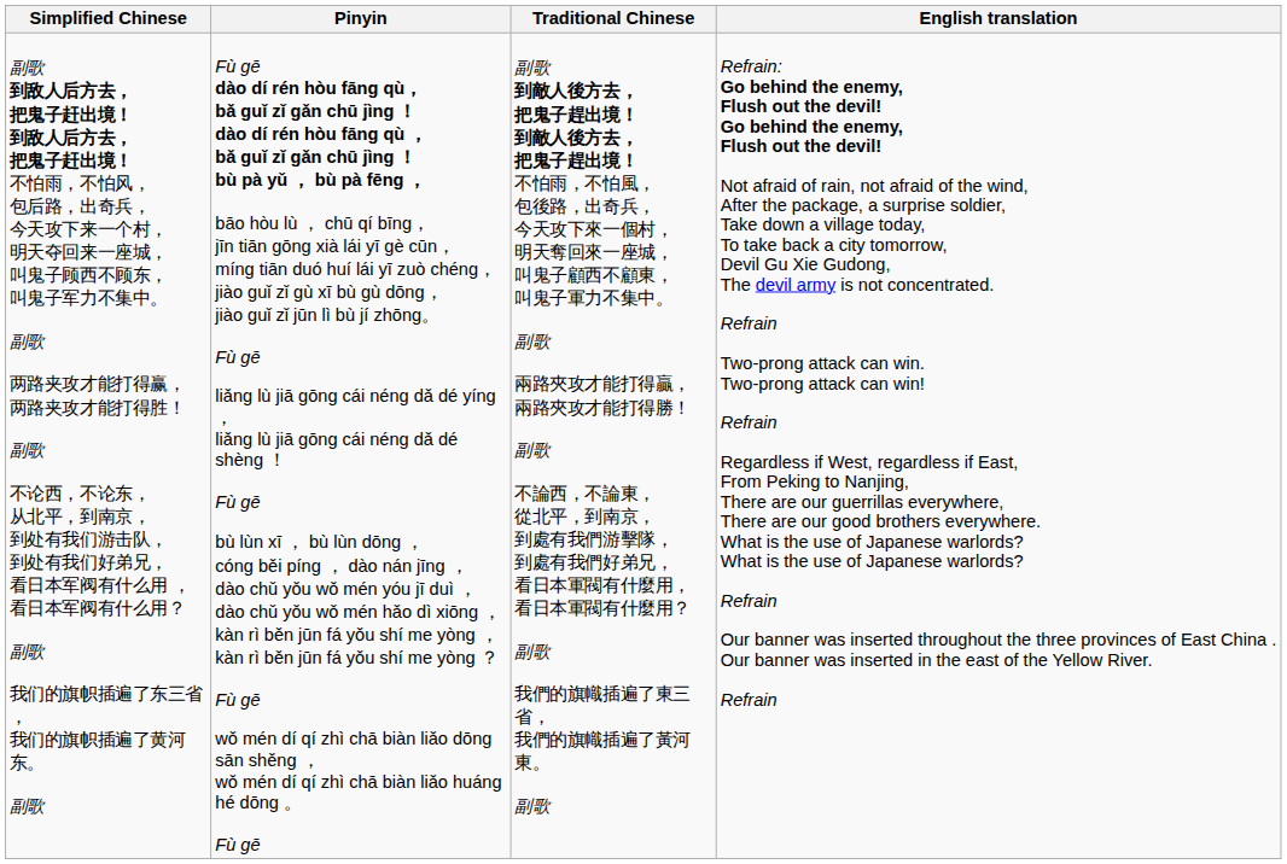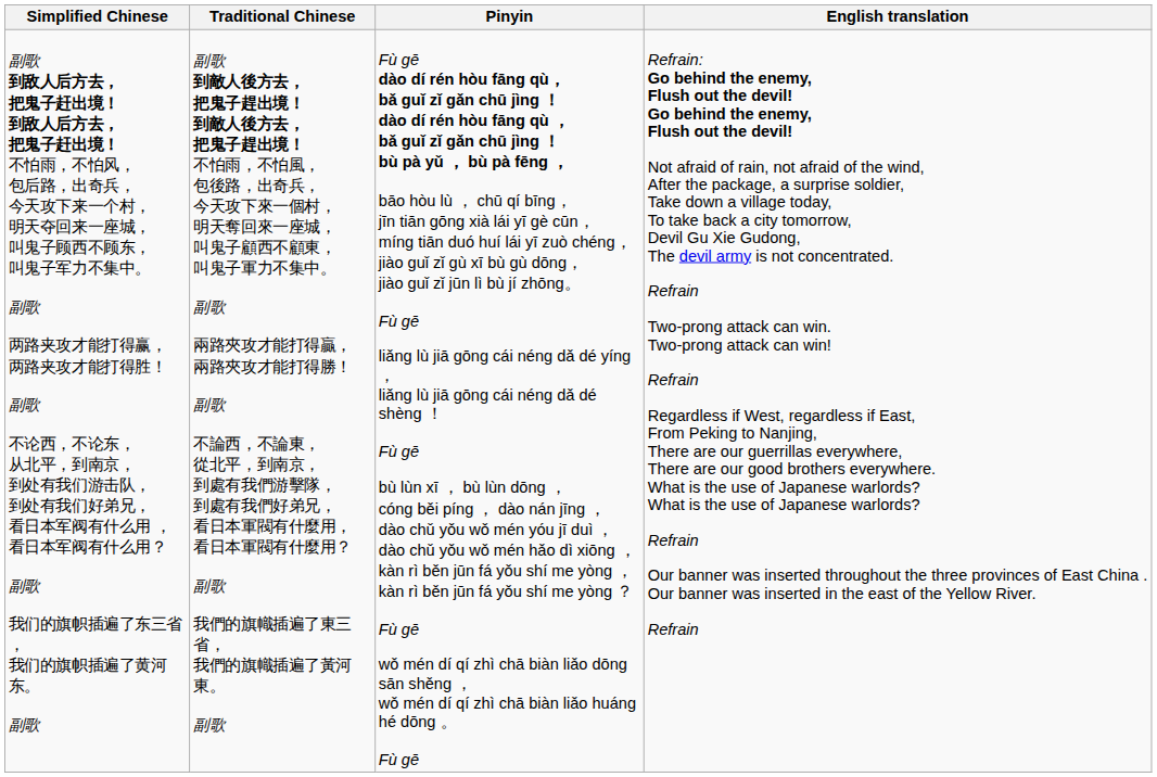 <table class="wikitable">
 <tr>
 <th width="180">Simplified Chinese</th>
+<th width="180">Traditional Chinese</th>
 <th width="265">Pinyin</th>
-<th width="180">Traditional Chinese</th>
 <th>English translation</th>
 </tr>
 <tr valign="top">
 <td><br><em>副歌</em><br> <strong>到敌人后方去，</strong><br> <strong>把鬼子赶出境！</strong><br> <strong>到敌人后方去，</strong><br> <strong>把鬼子赶出境！</strong><br> 不怕雨，不怕风，<br> 包后路，出奇兵，<br> 今天攻下来一个村，<br> 明天夺回来一座城，<br> 叫鬼子顾西不顾东，<br> 叫鬼子军力不集中。<br><br><em>副歌</em><br><br>两路夹攻才能打得赢，<br> 两路夹攻才能打得胜！<br><br><em>副歌</em><br><br>不论西，不论东，<br> 从北平，到南京，<br> 到处有我们游击队，<br> 到处有我们好弟兄，<br> 看日本军阀有什么用 ，<br> 看日本军阀有什么用？<br><br><em>副歌</em><br><br>我们的旗帜插遍了东三省 ，<br> 我们的旗帜插遍了黄河东。<br><br><em>副歌</em><br></td>
+<td><br><em>副歌</em><br> <strong>到敵人後方去，</strong><br> <strong>把鬼子趕出境！</strong><br> <strong>到敵人後方去，</strong><br> <strong>把鬼子趕出境！</strong><br> 不怕雨，不怕風，<br> 包後路，出奇兵，<br> 今天攻下來一個村，<br> 明天奪回來一座城，<br> 叫鬼子顧西不顧東，<br> 叫鬼子軍力不集中。<br><br><em>副歌</em><br><br>兩路夾攻才能打得贏，<br> 兩路夾攻才能打得勝！<br><br><em>副歌</em><br><br>不論西，不論東，<br> 從北平，到南京，<br> 到處有我們游擊隊，<br> 到處有我們好弟兄，<br> 看日本軍閥有什麼用，<br> 看日本軍閥有什麼用？<br><br><em>副歌</em><br><br>我們的旗幟插遍了東三省，<br> 我們的旗幟插遍了黃河東。<br><br><em>副歌</em><br></td>
 <td><br><em>Fù gē</em><br> <strong>dào dí rén hòu fāng qù，</strong><br> <strong>bǎ guǐ zǐ gǎn chū jìng ！</strong><br> <strong>dào dí rén hòu fāng qù ，</strong> <br> <strong>bǎ guǐ zǐ gǎn chū jìng ！</strong> <br> <strong>bù pà yǔ ， bù pà fēng ，</strong> <br><br>bāo hòu lù ， chū qí bīng， <br> jīn tiān gōng xià lái yī gè cūn， <br> míng tiān duó huí lái yī zuò chéng， <br> jiào guǐ zǐ gù xī bù gù dōng， <br> jiào guǐ zǐ jūn lì bù jí zhōng。 <br><br><em>Fù gē</em><br><br>liǎng lù jiā gōng cái néng dǎ dé yíng ， <br> liǎng lù jiā gōng cái néng dǎ dé shèng ！ <br><br><em>Fù gē</em><br><br>bù lùn xī ， bù lùn dōng ， <br> cóng běi píng ， dào nán jīng ， <br> dào chǔ yǒu wǒ mén yóu jī duì ， <br> dào chǔ yǒu wǒ mén hǎo dì xiōng ， <br> kàn rì běn jūn fá yǒu shí me yòng   ， <br> kàn rì běn jūn fá yǒu shí me yòng ？<br><br><em>Fù gē</em><br><br>wǒ mén dí qí zhì chā biàn liǎo dōng sān shěng   ， <br> wǒ mén dí qí zhì chā biàn liǎo huáng hé dōng 。 <br><br><em>Fù gē</em></td>
-<td><br><em>副歌</em><br> <strong>到敵人後方去，</strong><br> <strong>把鬼子趕出境！</strong><br> <strong>到敵人後方去，</strong><br> <strong>把鬼子趕出境！</strong><br> 不怕雨，不怕風，<br> 包後路，出奇兵，<br> 今天攻下來一個村，<br> 明天奪回來一座城，<br> 叫鬼子顧西不顧東，<br> 叫鬼子軍力不集中。<br><br><em>副歌</em><br><br>兩路夾攻才能打得贏，<br> 兩路夾攻才能打得勝！<br><br><em>副歌</em><br><br>不論西，不論東，<br> 從北平，到南京，<br> 到處有我們游擊隊，<br> 到處有我們好弟兄，<br> 看日本軍閥有什麼用，<br> 看日本軍閥有什麼用？<br><br><em>副歌</em><br><br>我們的旗幟插遍了東三省，<br> 我們的旗幟插遍了黃河東。<br><br><em>副歌</em><br></td>
 <td><br><em>Refrain:</em><br> <strong>Go behind the enemy,</strong><br> <strong>Flush out the devil!</strong><br> <strong>Go behind the enemy,</strong><br> <strong>Flush out the devil!</strong><br><br>Not afraid of rain, not afraid of the wind,<br> After the package, a surprise soldier,<br> Take down a village today,<br> To take back a city tomorrow,<br> Devil Gu Xie Gudong,<br> The <a href='#'>devil army</a> is not concentrated.<br><br><em>Refrain</em><br><br>Two-prong attack can win.<br> Two-prong attack can win!<br><br><em>Refrain</em><br><br>Regardless if West, regardless if East,<br> From Peking to Nanjing,<br> There are our guerrillas everywhere,<br> There are our good brothers everywhere.<br> What is the use of Japanese warlords?<br> What is the use of Japanese warlords?<br><br><em>Refrain</em><br><br>Our banner was inserted throughout the three provinces of East China .<br> Our banner was inserted in the east of the Yellow River.<br><br><em>Refrain</em><br></td>
 </tr>
 </table>
